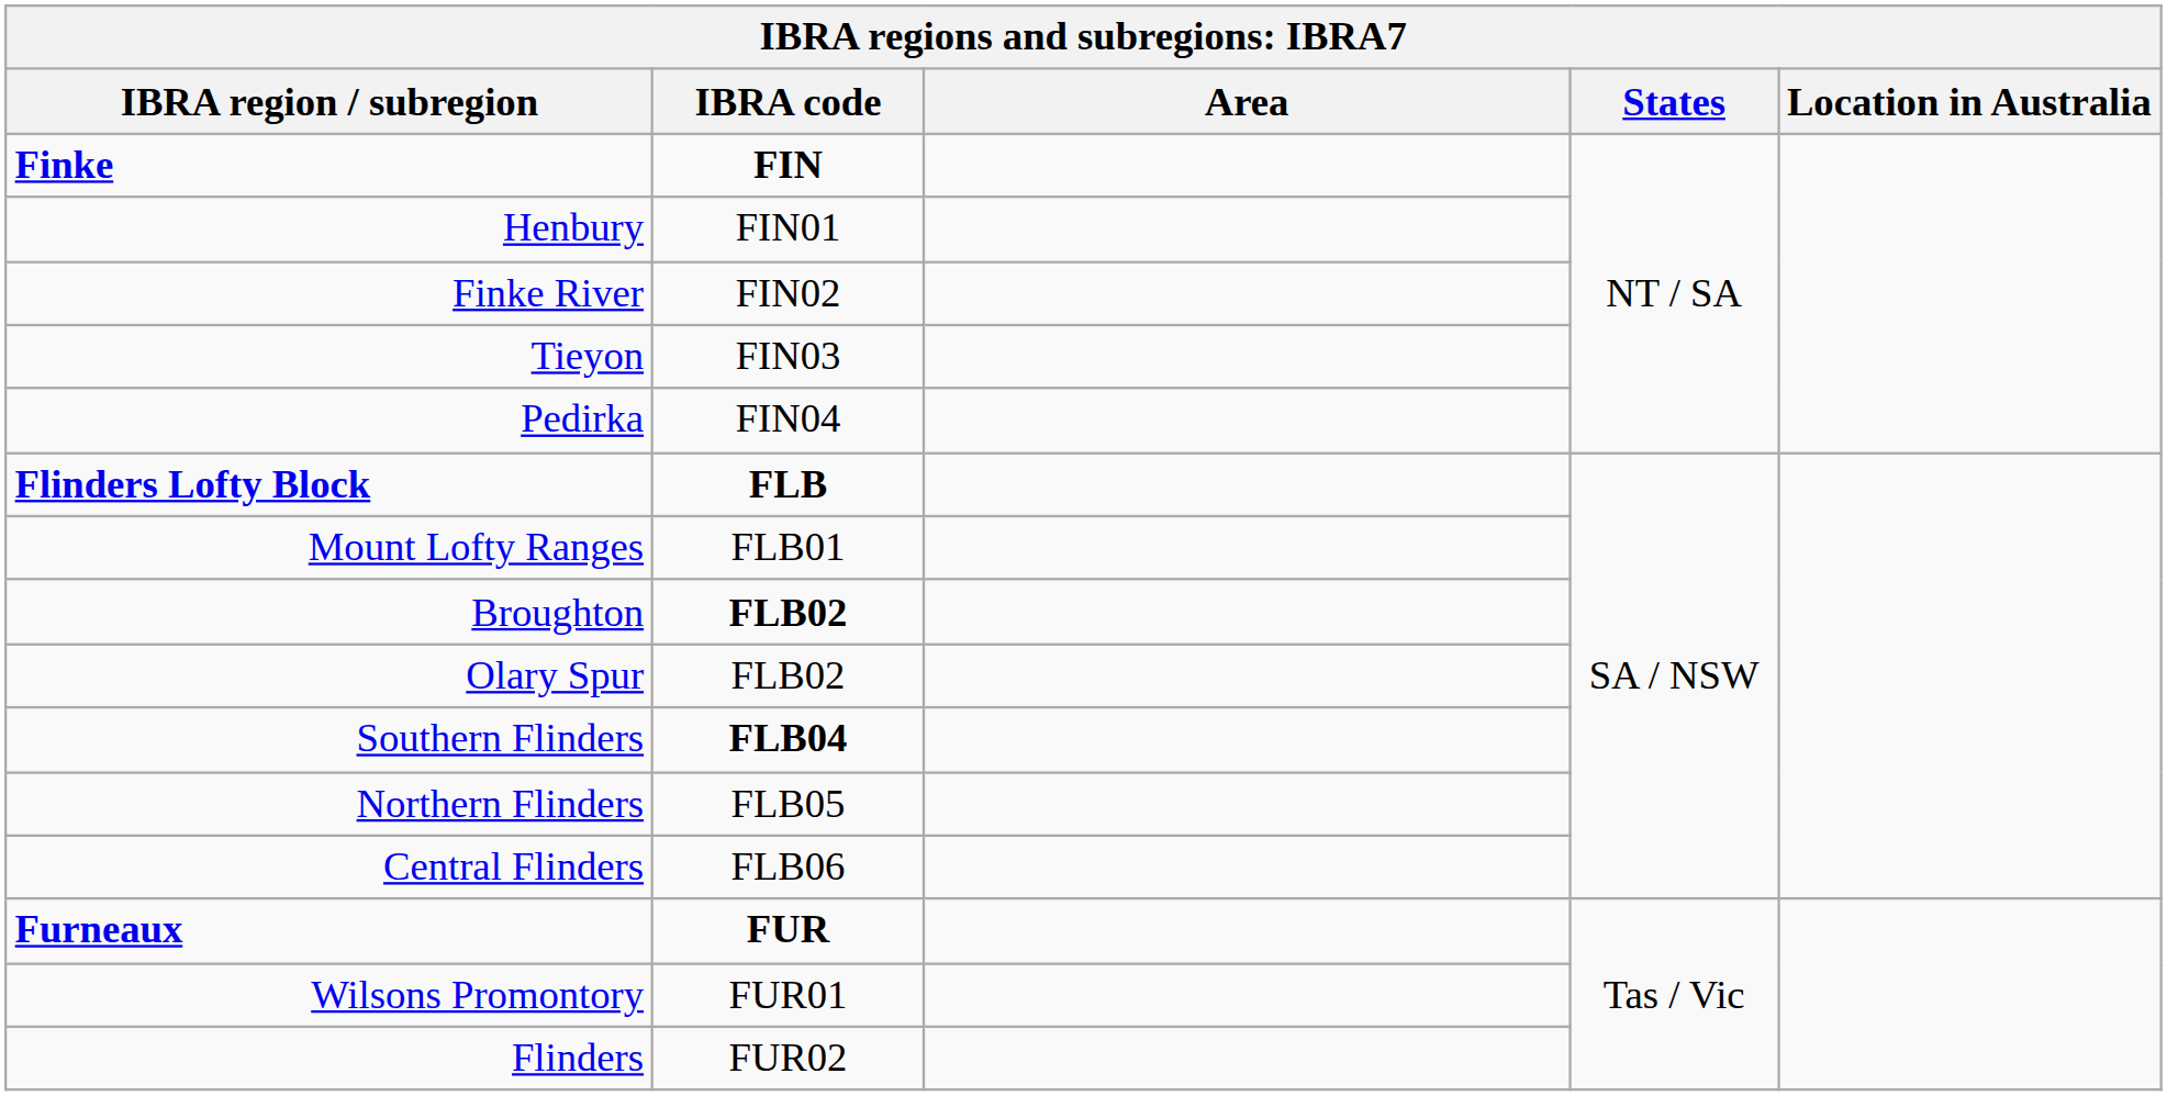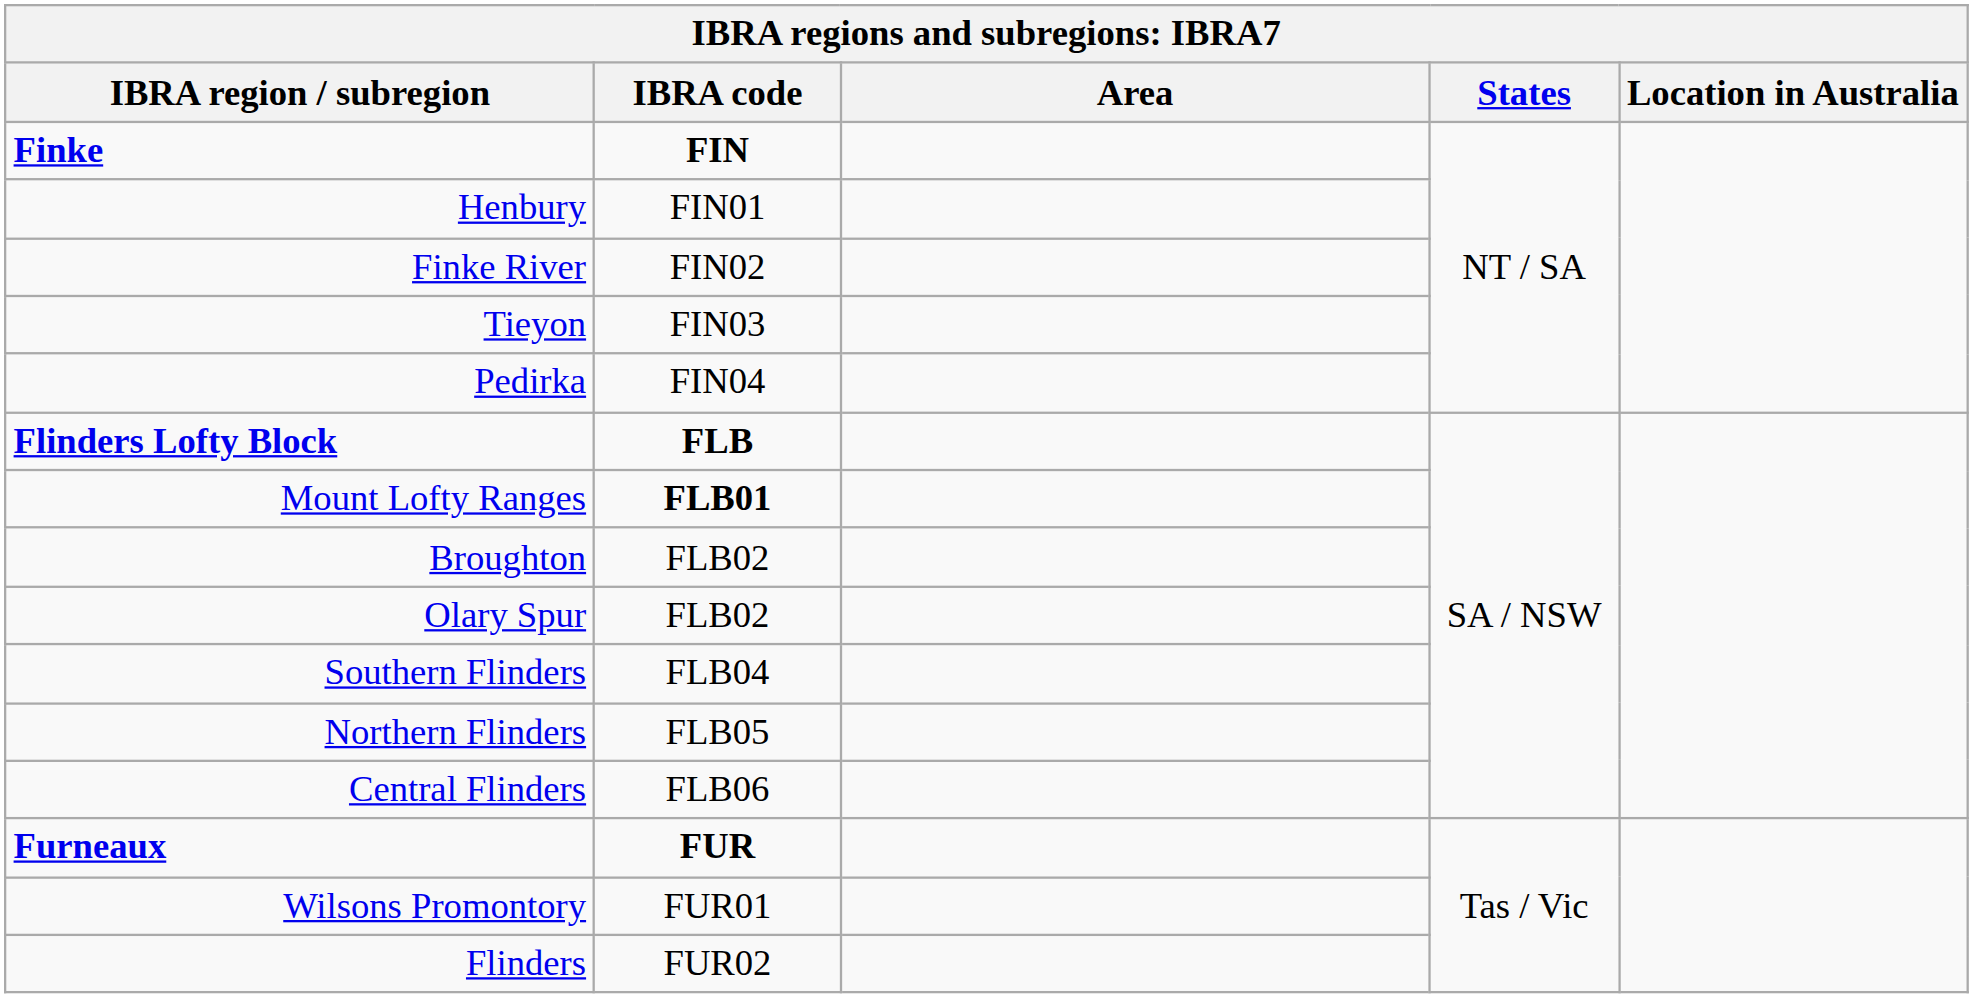 <table class="wikitable sortable">
 <tr>
 <th rowwidth=100px colspan=5>IBRA regions and subregions: IBRA7</th>
 </tr>
 <tr>
 <th scope="col" style="width:250px;">IBRA region / subregion</th>
 <th scope="col" style="width:100px;">IBRA code</th>
 <th scope="col" style="width:250px;">Area</th>
 <th scope="col" style="width:75px;"><a href='#'>States</a></th>
 <th>Location in Australia</th>
 </tr>
 <tr>
 <td><strong><a href='#'>Finke</a></strong></td>
 <td style="text-align:center;"><strong>FIN</strong></td>
 <td align="right"><strong></strong></td>
 <td style="text-align:center;" rowspan="5">NT / SA</td>
 <td style="text-align:center;" rowspan="5"></td>
 </tr>
 <tr>
 <td align="right"><a href='#'>Henbury</a></td>
 <td style="text-align:center;">FIN01</td>
 <td align="right"></td>
 </tr>
 <tr>
 <td align="right"><a href='#'>Finke River</a></td>
 <td style="text-align:center;">FIN02</td>
 <td align="right"></td>
 </tr>
 <tr>
 <td align="right"><a href='#'>Tieyon</a></td>
 <td style="text-align:center;">FIN03</td>
 <td align="right"></td>
 </tr>
 <tr>
 <td align="right"><a href='#'>Pedirka</a></td>
 <td style="text-align:center;">FIN04</td>
 <td align="right"></td>
 </tr>
 <tr>
 <td><strong><a href='#'>Flinders Lofty Block</a></strong></td>
 <td style="text-align:center;"><strong>FLB</strong></td>
 <td align="right"><strong></strong></td>
 <td style="text-align:center;" rowspan="7">SA / NSW</td>
 <td style="text-align:center;" rowspan="7"></td>
 </tr>
 <tr>
 <td align="right"><a href='#'>Mount Lofty Ranges</a></td>
-<td style="text-align:center;">FLB01</td>
+<td style="text-align:center;"><strong>FLB01</strong></td>
 <td align="right"></td>
 </tr>
 <tr>
 <td align="right"><a href='#'>Broughton</a></td>
-<td style="text-align:center;"><strong>FLB02</strong></td>
+<td style="text-align:center;">FLB02</td>
 <td align="right"></td>
 </tr>
 <tr>
 <td align="right"><a href='#'>Olary Spur</a></td>
 <td style="text-align:center;">FLB02</td>
 <td align="right"></td>
 </tr>
 <tr>
 <td align="right"><a href='#'>Southern Flinders</a></td>
-<td style="text-align:center;"><strong>FLB04</strong></td>
+<td style="text-align:center;">FLB04</td>
 <td align="right"></td>
 </tr>
 <tr>
 <td align="right"><a href='#'>Northern Flinders</a></td>
 <td style="text-align:center;">FLB05</td>
 <td align="right"></td>
 </tr>
 <tr>
 <td align="right"><a href='#'>Central Flinders</a></td>
 <td style="text-align:center;">FLB06</td>
 <td align="right"></td>
 </tr>
 <tr>
 <td><strong><a href='#'>Furneaux</a></strong></td>
 <td style="text-align:center;"><strong>FUR</strong></td>
 <td align="right"><strong></strong></td>
 <td style="text-align:center;" rowspan="3">Tas / Vic</td>
 <td style="text-align:center;" rowspan="3"></td>
 </tr>
 <tr>
 <td align="right"><a href='#'>Wilsons Promontory</a></td>
 <td style="text-align:center;">FUR01</td>
 <td align="right"></td>
 </tr>
 <tr>
 <td align="right"><a href='#'>Flinders</a></td>
 <td style="text-align:center;">FUR02</td>
 <td align="right"></td>
 </tr>
 </table>
